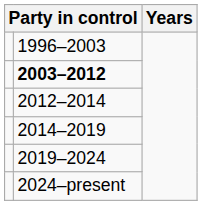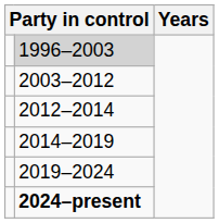 <table class="wikitable">
 <tr>
 <th colspan="2">Party in control</th>
 <th>Years</th>
 </tr>
 <tr>
 <td></td>
-<td>1996–2003</td>
+<td style="background: lightgrey;">1996–2003</td>
 </tr>
 <tr>
 <td></td>
-<td><strong>2003–2012</strong></td>
+<td>2003–2012</td>
 </tr>
 <tr>
 <td></td>
 <td>2012–2014</td>
 </tr>
 <tr>
 <td></td>
 <td>2014–2019</td>
 </tr>
 <tr>
 <td></td>
 <td>2019–2024</td>
 </tr>
 <tr>
 <td></td>
-<td>2024–present</td>
+<td><strong>2024–present</strong></td>
 </tr>
 </table>
